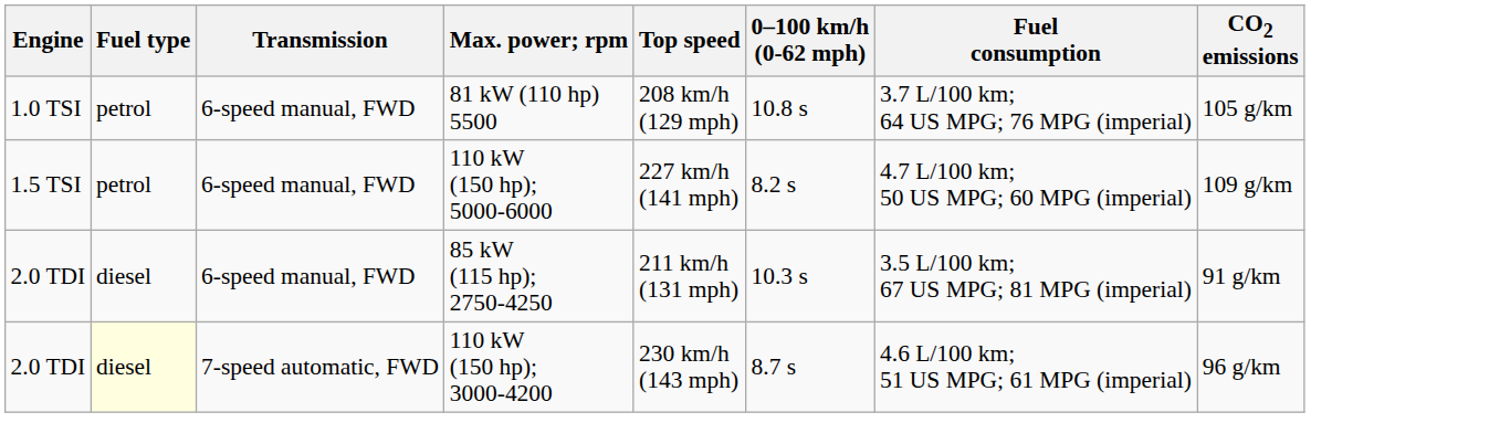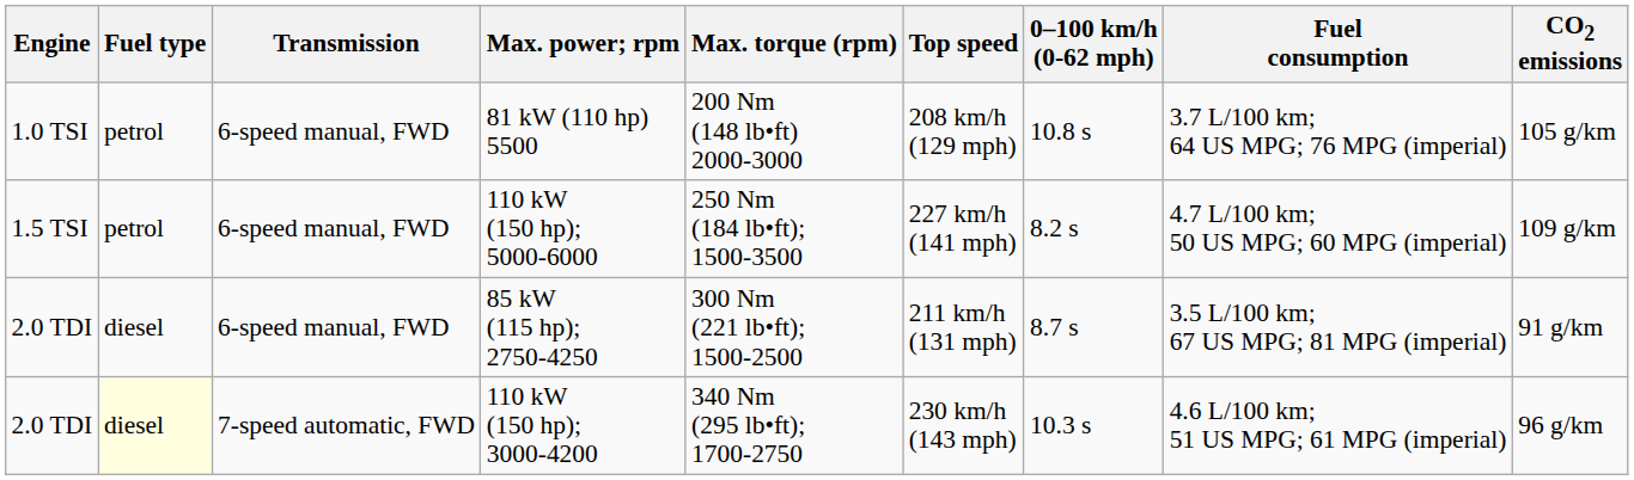 <table class="wikitable">
 <tr>
 <th>Engine</th>
 <th>Fuel type</th>
 <th>Transmission</th>
 <th>Max. power; rpm</th>
+<th>Max. torque (rpm)</th>
 <th>Top speed</th>
 <th>0–100 km/h<br>(0-62 mph)</th>
 <th>Fuel<br>consumption</th>
 <th>CO<sub>2</sub><br>emissions</th>
 </tr>
 <tr>
 <td>1.0 TSI</td>
 <td>petrol</td>
 <td>6-speed manual, FWD</td>
 <td>81 kW (110 hp)<br>5500</td>
+<td>200 Nm<br>(148 lb•ft)<br>2000-3000</td>
 <td>208 km/h<br>(129 mph)</td>
 <td>10.8 s</td>
 <td>3.7 L/100 km;<br>64 US MPG; 76 MPG (imperial)</td>
 <td>105 g/km</td>
 </tr>
 <tr>
 <td>1.5 TSI</td>
 <td>petrol</td>
 <td>6-speed manual, FWD</td>
 <td>110 kW<br>(150 hp);<br>5000-6000</td>
+<td>250 Nm<br>(184 lb•ft);<br>1500-3500</td>
 <td>227 km/h<br>(141 mph)</td>
 <td>8.2 s</td>
 <td>4.7 L/100 km;<br>50 US MPG; 60 MPG (imperial)</td>
 <td>109 g/km</td>
 </tr>
 <tr>
 <td>2.0 TDI</td>
 <td>diesel</td>
 <td>6-speed manual, FWD</td>
 <td>85 kW<br>(115 hp);<br>2750-4250</td>
+<td>300 Nm<br>(221 lb•ft);<br>1500-2500</td>
 <td>211 km/h<br>(131 mph)</td>
-<td>10.3 s</td>
+<td>8.7 s</td>
 <td>3.5 L/100 km;<br>67 US MPG; 81 MPG (imperial)</td>
 <td>91 g/km</td>
 </tr>
 <tr>
 <td>2.0 TDI</td>
 <td style="background: lightyellow;">diesel</td>
 <td>7-speed automatic, FWD</td>
 <td>110 kW<br>(150 hp);<br>3000-4200</td>
+<td>340 Nm<br>(295 lb•ft);<br>1700-2750</td>
 <td>230 km/h<br>(143 mph)</td>
-<td>8.7 s</td>
+<td>10.3 s</td>
 <td>4.6 L/100 km;<br>51 US MPG; 61 MPG (imperial)</td>
 <td>96 g/km</td>
 </tr>
 </table>
